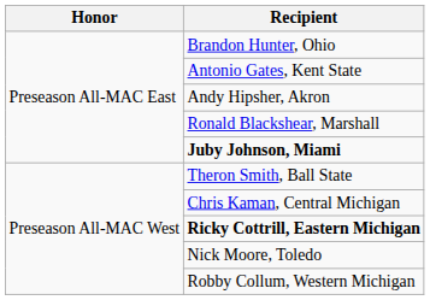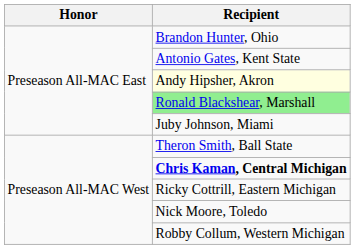 <table class="wikitable" border="1">
 <tr>
 <th>Honor</th>
 <th>Recipient</th>
 </tr>
 <tr>
 <td rowspan=5 valign=middle>Preseason All-MAC East</td>
 <td><a href='#'>Brandon Hunter</a>, Ohio</td>
 </tr>
 <tr>
 <td><a href='#'>Antonio Gates</a>, Kent State</td>
 </tr>
 <tr>
-<td>Andy Hipsher, Akron</td>
+<td style="background: lightyellow;">Andy Hipsher, Akron</td>
 </tr>
 <tr>
-<td><a href='#'>Ronald Blackshear</a>, Marshall</td>
+<td style="background: lightgreen;"><a href='#'>Ronald Blackshear</a>, Marshall</td>
 </tr>
 <tr>
-<td><strong>Juby Johnson, Miami</strong></td>
+<td>Juby Johnson, Miami</td>
 </tr>
 <tr>
 <td rowspan=6 valign=middle>Preseason All-MAC West</td>
 <td><a href='#'>Theron Smith</a>, Ball State</td>
 </tr>
 <tr>
-<td><a href='#'>Chris Kaman</a>, Central Michigan</td>
+<td><strong><a href='#'>Chris Kaman</a>, Central Michigan</strong></td>
 </tr>
 <tr>
-<td><strong>Ricky Cottrill, Eastern Michigan</strong></td>
+<td>Ricky Cottrill, Eastern Michigan</td>
 </tr>
 <tr>
 <td>Nick Moore, Toledo</td>
 </tr>
 <tr>
 <td>Robby Collum, Western Michigan</td>
 </tr>
 </table>
